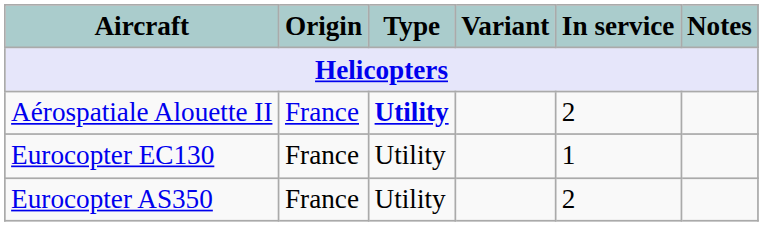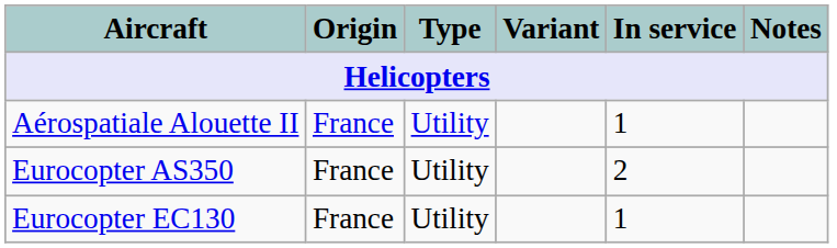 <table class="wikitable">
 <tr>
 <th style="text-align:center; background:#acc;">Aircraft</th>
 <th style="text-align: center; background:#acc;">Origin</th>
 <th style="text-align:l center; background:#acc;">Type</th>
 <th style="text-align:left; background:#acc;">Variant</th>
 <th style="text-align:center; background:#acc;">In service</th>
 <th style="text-align: center; background:#acc;">Notes</th>
 </tr>
 <tr>
 <th colspan="6" style="align: center; background: lavender;"><a href='#'>Helicopters</a></th>
 </tr>
 <tr>
 <td><a href='#'>Aérospatiale Alouette II</a></td>
 <td><a href='#'>France</a></td>
-<td><strong><a href='#'>Utility</a></strong></td>
+<td><a href='#'>Utility</a></td>
+<td></td>
+<td>1</td>
+<td></td>
+</tr>
+<tr>
+<td><a href='#'>Eurocopter AS350</a></td>
+<td>France</td>
+<td>Utility</td>
 <td></td>
 <td>2</td>
 <td></td>
 </tr>
 <tr>
 <td><a href='#'>Eurocopter EC130</a></td>
 <td>France</td>
 <td>Utility</td>
 <td></td>
 <td>1</td>
 <td></td>
 </tr>
-<tr>
-<td><a href='#'>Eurocopter AS350</a></td>
-<td>France</td>
-<td>Utility</td>
-<td></td>
-<td>2</td>
-<td></td>
-</tr>
 </table>
